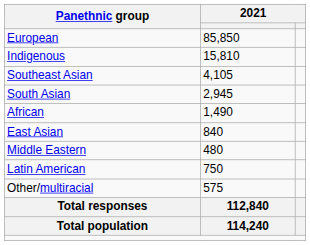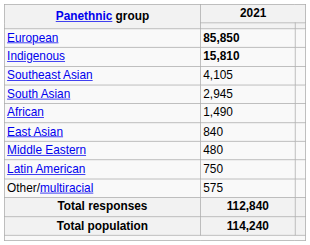 <table class="wikitable collapsible sortable">
 <tr>
 <th rowspan="2"><a href='#'>Panethnic</a> group</th>
 <th colspan="2">2021</th>
 </tr>
 <tr>
 <th><a href='#'></a></th>
 <th></th>
 </tr>
 <tr>
 <td><a href='#'>European</a></td>
-<td>85,850</td>
+<td><strong>85,850</strong></td>
 <td></td>
 </tr>
 <tr>
 <td><a href='#'>Indigenous</a></td>
-<td>15,810</td>
+<td><strong>15,810</strong></td>
 <td></td>
 </tr>
 <tr>
 <td><a href='#'>Southeast Asian</a></td>
 <td>4,105</td>
 <td></td>
 </tr>
 <tr>
 <td><a href='#'>South Asian</a></td>
 <td>2,945</td>
 <td></td>
 </tr>
 <tr>
 <td><a href='#'>African</a></td>
 <td>1,490</td>
 <td></td>
 </tr>
 <tr>
 <td><a href='#'>East Asian</a></td>
 <td>840</td>
 <td></td>
 </tr>
 <tr>
 <td><a href='#'>Middle Eastern</a></td>
 <td>480</td>
 <td></td>
 </tr>
 <tr>
 <td><a href='#'>Latin American</a></td>
 <td>750</td>
 <td></td>
 </tr>
 <tr>
 <td>Other/<a href='#'>multiracial</a></td>
 <td>575</td>
 <td></td>
 </tr>
 <tr>
 <th>Total responses</th>
 <th>112,840</th>
 <th></th>
 </tr>
 <tr class="sortbottom">
 <th>Total population</th>
 <th>114,240</th>
 <th></th>
 </tr>
 <tr class="sortbottom">
 <td colspan="15" style="width: 25em;"></td>
 </tr>
 </table>
